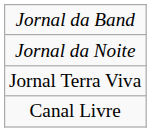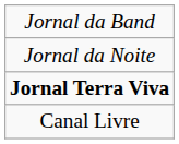 <table class="wikitable" style="font-size:100%; text-align:left;">
 <tr align=center>
 <td><em>Jornal da Band</em></td>
 </tr>
 <tr align=center>
 <td><em>Jornal da Noite</td>
 </tr>
 <tr align=center>
-<td></em>Jornal Terra Viva<em></td>
+<td><strong></em>Jornal Terra Viva<em></strong></td>
 </tr>
 <tr align=center>
 <td></em>Canal Livre<em></td>
 </tr>
 </table>
